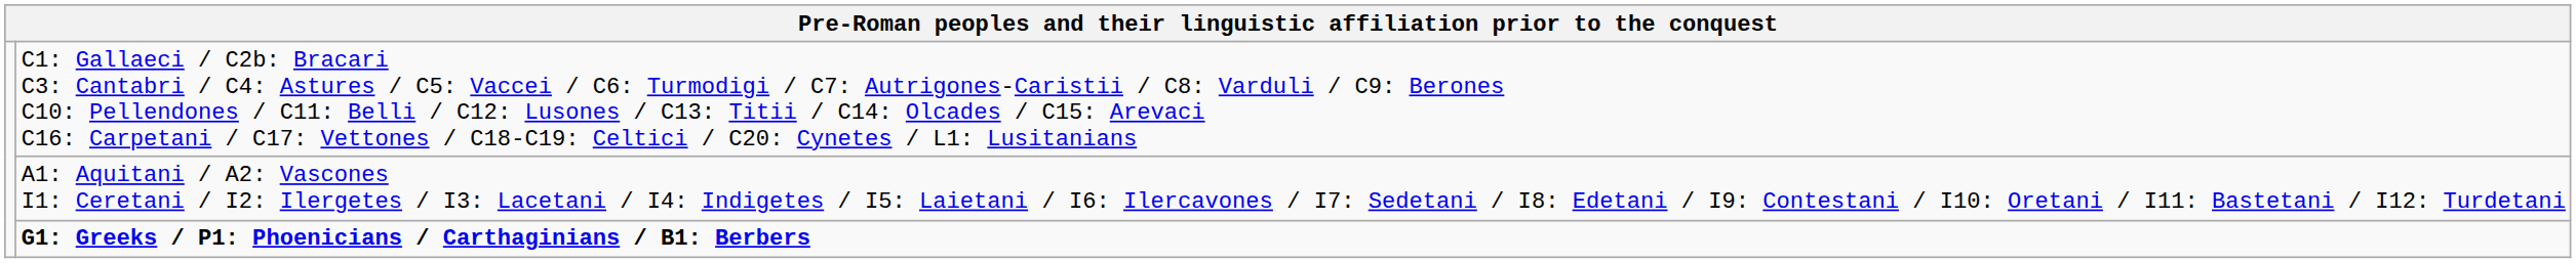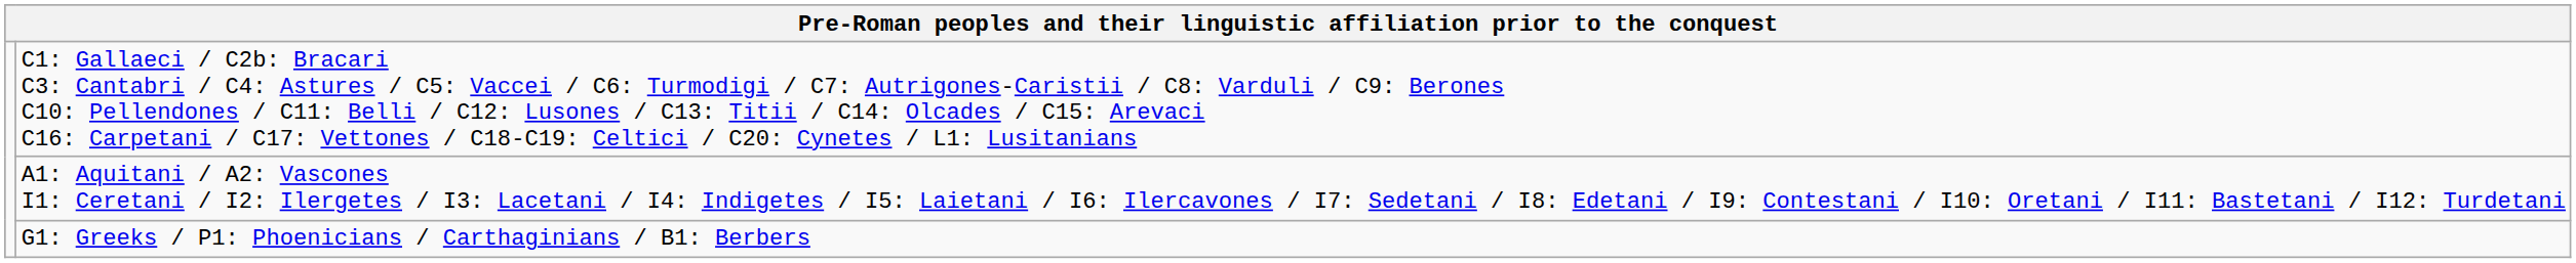 <table class="wikitable">
 <tr>
 <th colspan="2">Pre-Roman peoples and their linguistic affiliation prior to the conquest</th>
 </tr>
 <tr>
 <td rowspan="3"></td>
 <td>C1: <a href='#'>Gallaeci</a> / C2b: <a href='#'>Bracari</a> <br> C3: <a href='#'>Cantabri</a> / C4: <a href='#'>Astures</a> / C5: <a href='#'>Vaccei</a> / C6: <a href='#'>Turmodigi</a> / C7: <a href='#'>Autrigones</a>-<a href='#'>Caristii</a> / C8: <a href='#'>Varduli</a> / C9: <a href='#'>Berones</a> <br> C10: <a href='#'>Pellendones</a> / C11: <a href='#'>Belli</a> / C12: <a href='#'>Lusones</a> / C13: <a href='#'>Titii</a> / C14: <a href='#'>Olcades</a> / C15: <a href='#'>Arevaci</a> <br> C16: <a href='#'>Carpetani</a> / C17: <a href='#'>Vettones</a> / C18-C19: <a href='#'>Celtici</a> / C20: <a href='#'>Cynetes</a> / L1: <a href='#'>Lusitanians</a></td>
 </tr>
 <tr>
 <td>A1: <a href='#'>Aquitani</a> / A2: <a href='#'>Vascones</a><br> I1: <a href='#'>Ceretani</a> / I2: <a href='#'>Ilergetes</a> / I3: <a href='#'>Lacetani</a> / I4: <a href='#'>Indigetes</a> / I5: <a href='#'>Laietani</a> / I6: <a href='#'>Ilercavones</a> / I7: <a href='#'>Sedetani</a> / I8: <a href='#'>Edetani</a> / I9: <a href='#'>Contestani</a> / I10: <a href='#'>Oretani</a> / I11: <a href='#'>Bastetani</a> / I12: <a href='#'>Turdetani</a></td>
 </tr>
 <tr>
-<td><strong>G1: <a href='#'>Greeks</a>  / P1: <a href='#'>Phoenicians</a> / <a href='#'>Carthaginians</a> / B1: <a href='#'>Berbers</a></strong></td>
+<td>G1: <a href='#'>Greeks</a>  / P1: <a href='#'>Phoenicians</a> / <a href='#'>Carthaginians</a> / B1: <a href='#'>Berbers</a></td>
 </tr>
 </table>
